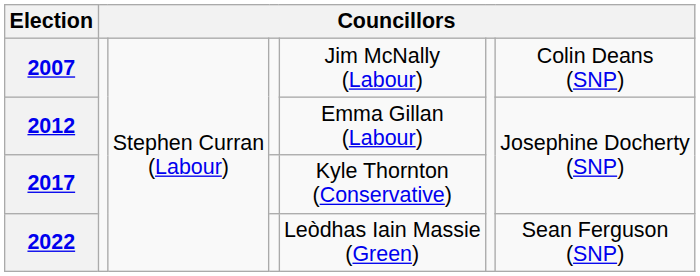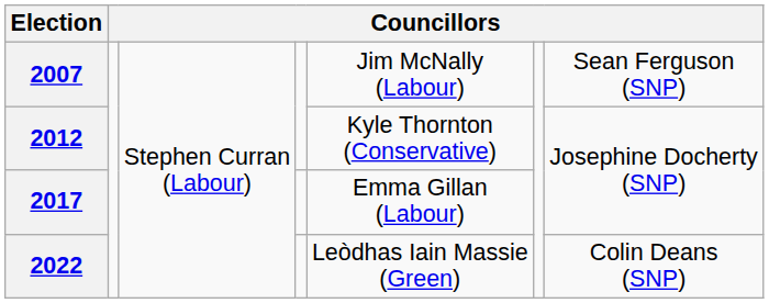 <table class="wikitable" style="text-align:center">
 <tr>
 <th>Election</th>
 <th colspan=8>Councillors</th>
 </tr>
 <tr>
 <th><a href='#'>2007</a></th>
 <td rowspan=4; style="background-color: "></td>
 <td rowspan=4>Stephen Curran<br>(<a href='#'>Labour</a>)</td>
 <td rowspan=2; style="background-color: "></td>
 <td rowspan=1>Jim McNally<br>(<a href='#'>Labour</a>)</td>
 <td rowspan=4; style="background-color: "></td>
-<td rowspan=1>Colin Deans<br>(<a href='#'>SNP</a>)</td>
+<td rowspan=1>Sean Ferguson<br>(<a href='#'>SNP</a>)</td>
 </tr>
 <tr>
 <th><a href='#'>2012</a></th>
-<td rowspan=1>Emma Gillan<br>(<a href='#'>Labour</a>)</td>
+<td rowspan=1>Kyle Thornton<br>(<a href='#'>Conservative</a>)</td>
 <td rowspan=2>Josephine Docherty<br>(<a href='#'>SNP</a>)</td>
 </tr>
 <tr>
 <th><a href='#'>2017</a></th>
 <td rowspan=1; style="background-color: "></td>
-<td rowspan=1>Kyle Thornton<br>(<a href='#'>Conservative</a>)</td>
+<td rowspan=1>Emma Gillan<br>(<a href='#'>Labour</a>)</td>
 </tr>
 <tr>
 <th><a href='#'>2022</a></th>
 <td rowspan=1; style="background-color: "></td>
 <td rowspan=1>Leòdhas Iain Massie<br>(<a href='#'>Green</a>)</td>
-<td rowspan=1>Sean Ferguson<br>(<a href='#'>SNP</a>)</td>
+<td rowspan=1>Colin Deans<br>(<a href='#'>SNP</a>)</td>
 </tr>
 </table>
